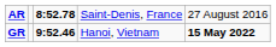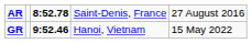 <table class="wikitable" style="font-size:95%; position:relative;">
 <tr>
 <td align=center><strong><a href='#'>AR</a></strong></td>
 <td></td>
 <td><strong>8:52.78</strong></td>
 <td><a href='#'>Saint-Denis</a>, <a href='#'>France</a></td>
 <td>27 August 2016</td>
 </tr>
 <tr>
 <td align=center><strong><a href='#'>GR</a></strong></td>
 <td></td>
 <td><strong>9:52.46</strong></td>
 <td><a href='#'>Hanoi</a>, <a href='#'>Vietnam</a></td>
-<td><strong>15 May 2022</strong></td>
+<td>15 May 2022</td>
 </tr>
 </table>
